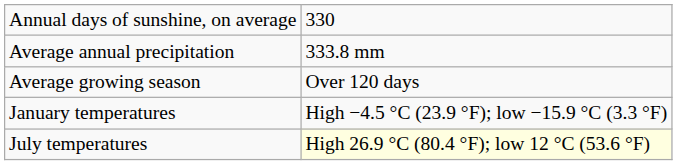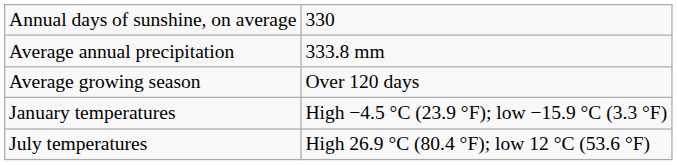 <table class="wikitable">
 <tr>
 <td>Annual days of sunshine, on average</td>
 <td>330</td>
 </tr>
 <tr>
 <td>Average annual precipitation</td>
 <td>333.8 mm</td>
 </tr>
 <tr>
 <td>Average growing season</td>
 <td>Over 120 days</td>
 </tr>
 <tr>
 <td>January temperatures</td>
 <td>High −4.5 °C (23.9 °F); low −15.9 °C (3.3 °F)</td>
 </tr>
 <tr>
 <td>July temperatures</td>
-<td style="background: lightyellow;">High 26.9 °C (80.4 °F); low 12 °C (53.6 °F)</td>
+<td>High 26.9 °C (80.4 °F); low 12 °C (53.6 °F)</td>
 </tr>
 </table>
